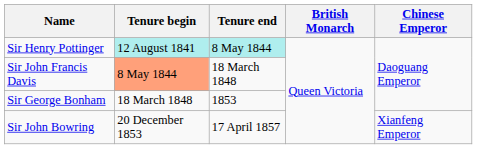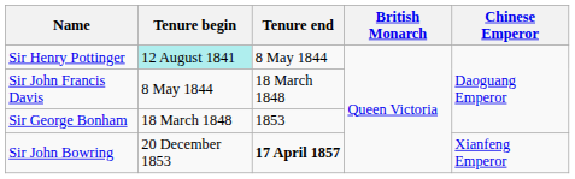 <table class="wikitable">
 <tr>
 <th>Name</th>
 <th>Tenure begin</th>
 <th>Tenure end</th>
 <th><a href='#'>British Monarch</a></th>
 <th><a href='#'>Chinese Emperor</a></th>
 </tr>
 <tr>
 <td><a href='#'>Sir Henry Pottinger</a></td>
 <td style="background: paleturquoise;">12 August 1841</td>
-<td style="background: paleturquoise;">8 May 1844</td>
+<td>8 May 1844</td>
 <td rowspan="4"><a href='#'>Queen Victoria</a></td>
 <td rowspan="3"><a href='#'>Daoguang Emperor</a></td>
 </tr>
 <tr>
 <td><a href='#'>Sir John Francis Davis</a></td>
-<td style="background: lightsalmon;">8 May 1844</td>
+<td>8 May 1844</td>
 <td>18 March 1848</td>
 </tr>
 <tr>
 <td><a href='#'>Sir George Bonham</a></td>
 <td>18 March 1848</td>
 <td>1853</td>
 </tr>
 <tr>
 <td><a href='#'>Sir John Bowring</a></td>
 <td>20 December 1853</td>
-<td>17 April 1857</td>
+<td><strong>17 April 1857</strong></td>
 <td><a href='#'>Xianfeng Emperor</a></td>
 </tr>
 </table>
